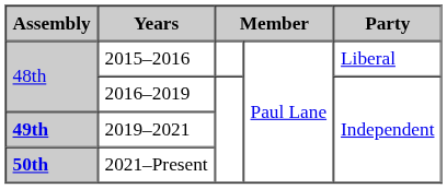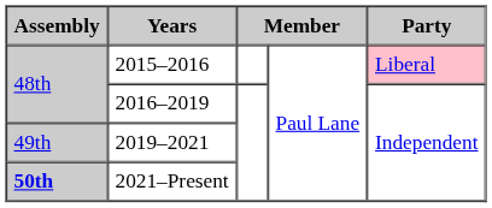 <table border=1 cellpadding=5 cellspacing=0>
 <tr bgcolor="CCCCCC">
 <th>Assembly</th>
 <th>Years</th>
 <th colspan="2">Member</th>
 <th>Party</th>
 </tr>
 <tr>
 <td rowspan="2" bgcolor="CCCCCC"><a href='#'>48th</a></td>
 <td>2015–2016</td>
 <td rowspan="1" >   </td>
 <td rowspan="4"><a href='#'>Paul Lane</a></td>
-<td rowspan="1"><a href='#'>Liberal</a></td>
+<td rowspan="1" style="background: pink;"><a href='#'>Liberal</a></td>
 </tr>
 <tr>
 <td>2016–2019</td>
 <td rowspan="3" ></td>
 <td rowspan="3"><a href='#'>Independent</a></td>
 </tr>
 <tr>
-<td bgcolor="CCCCCC"><strong><a href='#'>49th</a></strong></td>
+<td bgcolor="CCCCCC"><a href='#'>49th</a></td>
 <td>2019–2021</td>
 </tr>
 <tr>
 <td bgcolor="CCCCCC"><strong><a href='#'>50th</a></strong></td>
 <td>2021–Present</td>
 </tr>
 </table>
